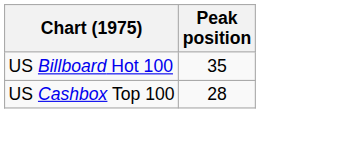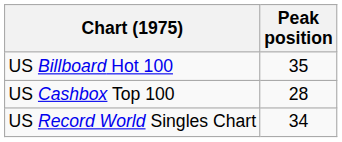 <table class="wikitable">
 <tr>
 <th scope="col">Chart (1975)</th>
 <th>Peak<br>position</th>
 </tr>
 <tr>
 <td>US <a href='#'><em>Billboard</em> Hot 100</a></td>
 <td style="text-align:center;">35</td>
 </tr>
 <tr>
 <td>US <a href='#'><em>Cashbox</em></a> Top 100</td>
 <td style="text-align:center;">28</td>
 </tr>
+<tr>
+<td>US <em><a href='#'>Record World</a></em> Singles Chart</td>
+<td align="center">34</td>
+</tr>
 </table>
